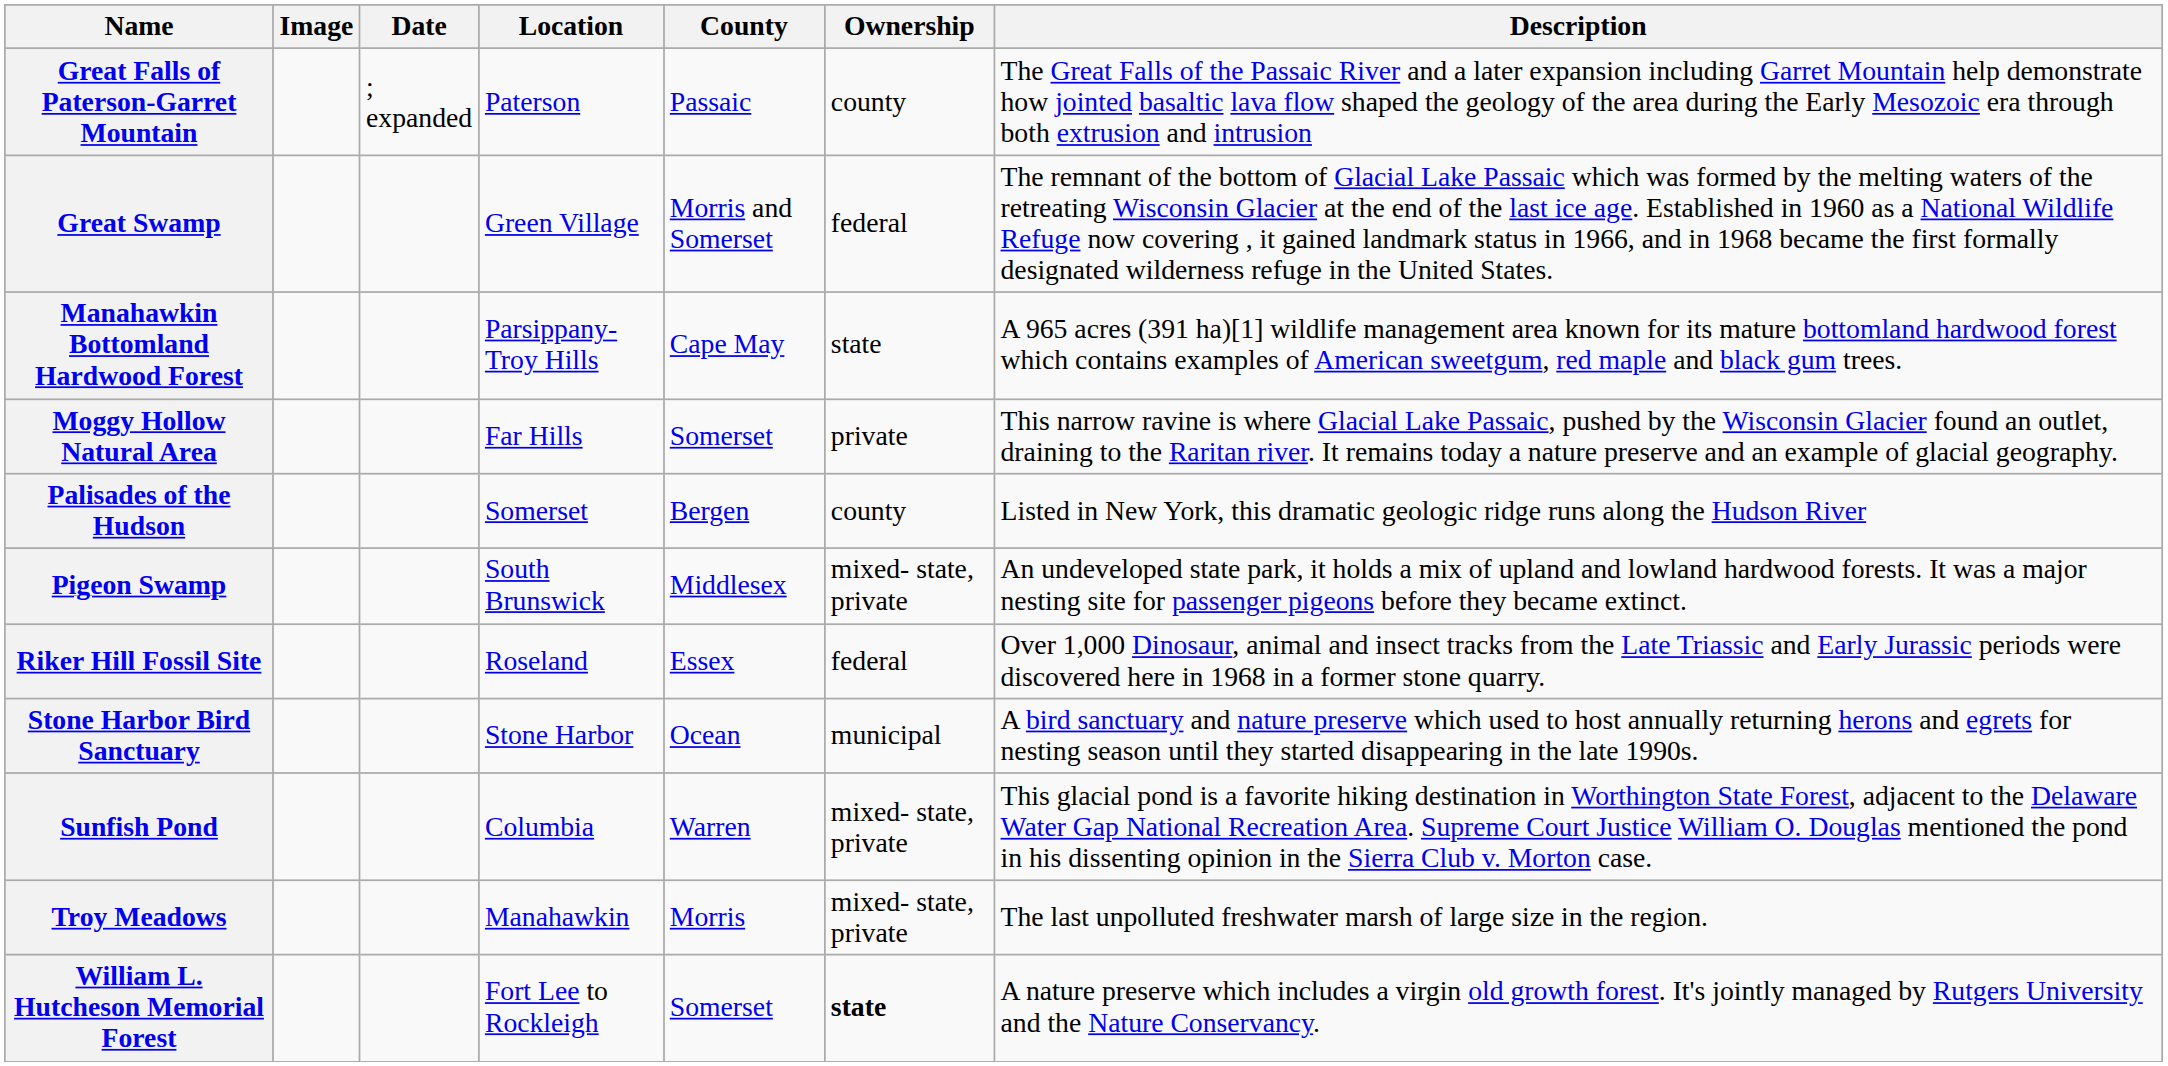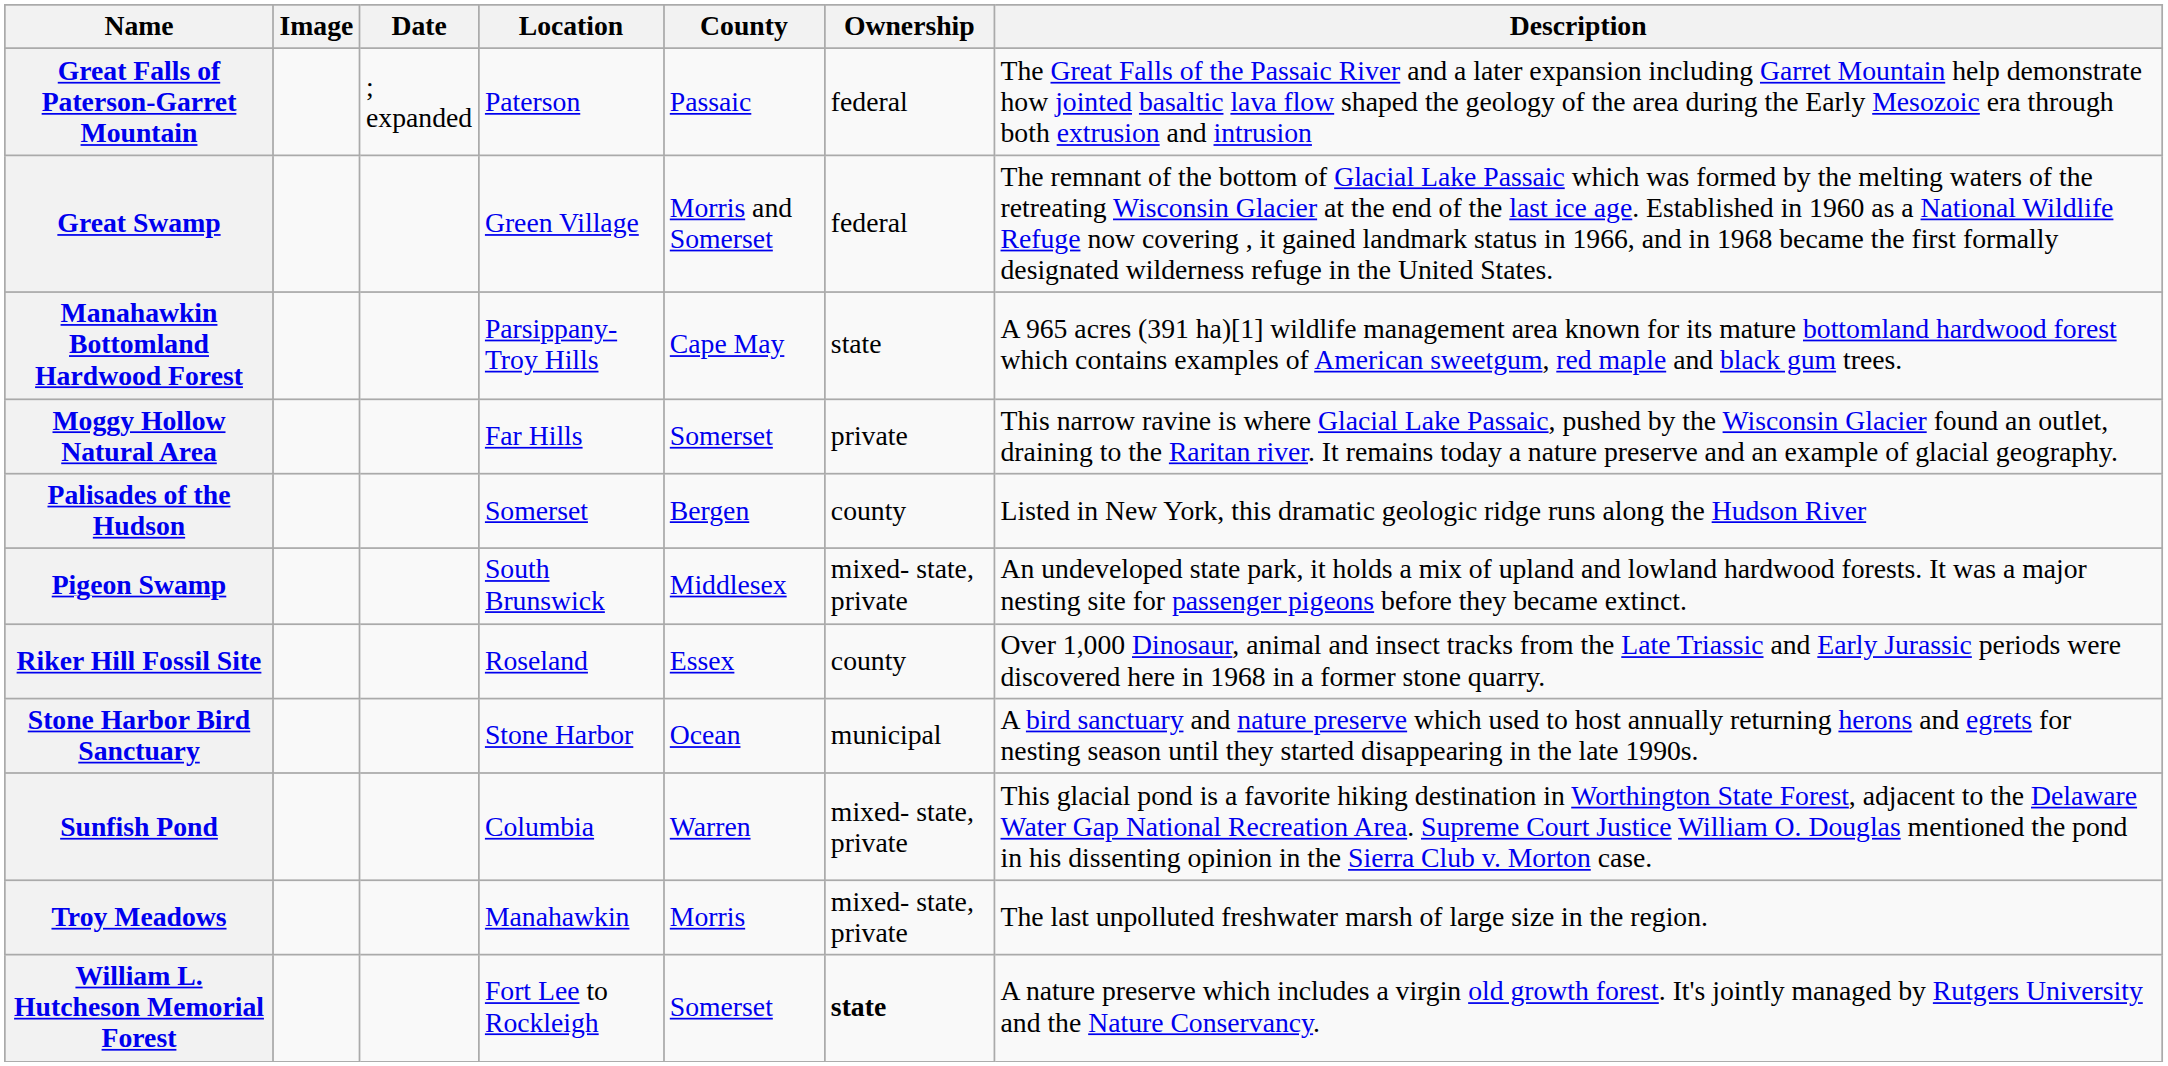 <table class="wikitable sortable" align="center">
 <tr>
 <th style="background-color:">Name</th>
 <th style="background-color:">Image</th>
 <th style="background-color:">Date</th>
 <th style="background-color:">Location</th>
 <th style="background-color:">County</th>
 <th style="background-color:">Ownership</th>
 <th style="background-color:">Description</th>
 </tr>
 <tr>
 <th><a href='#'>Great Falls of Paterson-Garret Mountain</a></th>
 <td></td>
 <td>; <br>expanded </td>
 <td><a href='#'>Paterson</a> <small></small></td>
 <td><a href='#'>Passaic</a></td>
-<td>county</td>
+<td>federal</td>
 <td>The <a href='#'>Great Falls of the Passaic River</a> and a later expansion including <a href='#'>Garret Mountain</a> help demonstrate how <a href='#'>jointed</a> <a href='#'>basaltic</a> <a href='#'>lava flow</a> shaped the geology of the area during the Early <a href='#'>Mesozoic</a> era through both <a href='#'>extrusion</a> and <a href='#'>intrusion</a></td>
 </tr>
 <tr>
 <th><a href='#'>Great Swamp</a></th>
 <td></td>
 <td></td>
 <td><a href='#'>Green Village</a> <small></small></td>
 <td><a href='#'>Morris</a> and <a href='#'>Somerset</a></td>
 <td>federal</td>
 <td>The remnant of the bottom of <a href='#'>Glacial Lake Passaic</a> which was formed by the melting waters of the retreating <a href='#'>Wisconsin Glacier</a> at the end of the <a href='#'>last ice age</a>. Established in 1960 as a <a href='#'>National Wildlife Refuge</a> now covering , it gained landmark status in 1966, and in 1968 became the first formally designated wilderness refuge in the United States.</td>
 </tr>
 <tr>
 <th><a href='#'>Manahawkin Bottomland Hardwood Forest</a></th>
 <td></td>
 <td></td>
 <td><a href='#'>Parsippany-Troy Hills</a> <small></small></td>
 <td><a href='#'>Cape May</a></td>
 <td>state</td>
 <td>A 965 acres (391 ha)[1] wildlife management area known for its mature <a href='#'>bottomland hardwood forest</a> which contains examples of <a href='#'>American sweetgum</a>, <a href='#'>red maple</a> and <a href='#'>black gum</a> trees.</td>
 </tr>
 <tr>
 <th><a href='#'>Moggy Hollow Natural Area</a></th>
 <td></td>
 <td></td>
 <td><a href='#'>Far Hills</a> <small></small></td>
 <td><a href='#'>Somerset</a></td>
 <td>private</td>
 <td>This narrow ravine is where <a href='#'>Glacial Lake Passaic</a>, pushed by the <a href='#'>Wisconsin Glacier</a> found an outlet, draining to the <a href='#'>Raritan river</a>.  It remains today a nature preserve and an example of glacial geography.</td>
 </tr>
 <tr>
 <th><a href='#'>Palisades of the Hudson</a></th>
 <td></td>
 <td></td>
 <td><a href='#'>Somerset</a> <small></small></td>
 <td><a href='#'>Bergen</a></td>
 <td>county</td>
 <td>Listed in New York, this dramatic geologic ridge runs along the <a href='#'>Hudson River</a></td>
 </tr>
 <tr>
 <th><a href='#'>Pigeon Swamp</a></th>
 <td></td>
 <td></td>
 <td><a href='#'>South Brunswick</a> <small></small></td>
 <td><a href='#'>Middlesex</a></td>
 <td>mixed- state, private</td>
 <td>An undeveloped state park, it holds a mix of upland and lowland hardwood forests.  It was a major nesting site for <a href='#'>passenger pigeons</a> before they became extinct.</td>
 </tr>
 <tr>
 <th><a href='#'>Riker Hill Fossil Site</a></th>
 <td></td>
 <td></td>
 <td><a href='#'>Roseland</a> <small></small></td>
 <td><a href='#'>Essex</a></td>
-<td>federal</td>
+<td>county</td>
 <td>Over 1,000 <a href='#'>Dinosaur</a>, animal and insect tracks from the <a href='#'>Late Triassic</a> and <a href='#'>Early Jurassic</a> periods were discovered here in 1968 in a former stone quarry.</td>
 </tr>
 <tr>
 <th><a href='#'>Stone Harbor Bird Sanctuary</a></th>
 <td></td>
 <td></td>
 <td><a href='#'>Stone Harbor</a> <small></small></td>
 <td><a href='#'>Ocean</a></td>
 <td>municipal</td>
 <td>A  <a href='#'>bird sanctuary</a> and <a href='#'>nature preserve</a> which used to host annually returning <a href='#'>herons</a> and <a href='#'>egrets</a> for nesting season until they started disappearing in the late 1990s.</td>
 </tr>
 <tr>
 <th><a href='#'>Sunfish Pond</a></th>
 <td></td>
 <td></td>
 <td><a href='#'>Columbia</a> <small></small></td>
 <td><a href='#'>Warren</a></td>
 <td>mixed- state, private</td>
 <td>This glacial pond is a favorite hiking destination in <a href='#'>Worthington State Forest</a>, adjacent to the <a href='#'>Delaware Water Gap National Recreation Area</a>.  <a href='#'>Supreme Court Justice</a> <a href='#'>William O. Douglas</a> mentioned the pond in his dissenting opinion in the <a href='#'>Sierra Club v. Morton</a> case.</td>
 </tr>
 <tr>
 <th><a href='#'>Troy Meadows</a></th>
 <td></td>
 <td></td>
 <td><a href='#'>Manahawkin</a> <small></small></td>
 <td><a href='#'>Morris</a></td>
 <td>mixed- state, private</td>
 <td>The last unpolluted freshwater marsh of large size in the region.</td>
 </tr>
 <tr>
 <th><a href='#'>William L. Hutcheson Memorial Forest</a></th>
 <td></td>
 <td></td>
 <td><a href='#'>Fort Lee</a> to <a href='#'>Rockleigh</a><small></small></td>
 <td><a href='#'>Somerset</a></td>
 <td><strong>state</strong></td>
 <td>A  nature preserve which includes a  virgin <a href='#'>old growth forest</a>.  It's jointly managed by <a href='#'>Rutgers University</a> and the <a href='#'>Nature Conservancy</a>.</td>
 </tr>
 </table>
